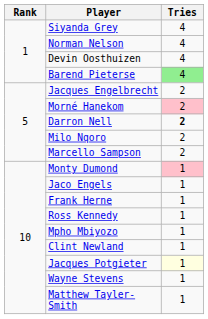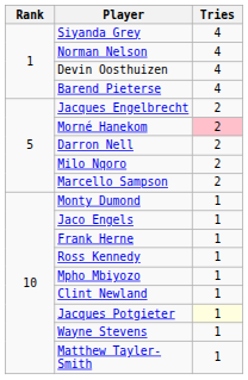 <table class="wikitable"  style="text-align: center;">
 <tr>
 <th style="width:50px;">Rank</th>
 <th style="width:150px;">Player</th>
 <th style="width:50px;">Tries</th>
 </tr>
 <tr>
 <td rowspan=4>1</td>
 <td align=left><a href='#'>Siyanda Grey</a></td>
 <td>4</td>
 </tr>
 <tr>
 <td style="text-align:left;"><a href='#'>Norman Nelson</a></td>
 <td>4</td>
 </tr>
 <tr>
 <td style="text-align:left;">Devin Oosthuizen</td>
 <td>4</td>
 </tr>
 <tr>
 <td style="text-align:left;"><a href='#'>Barend Pieterse</a></td>
-<td style="background: lightgreen;">4</td>
+<td>4</td>
 </tr>
 <tr>
 <td rowspan=5>5</td>
 <td align=left><a href='#'>Jacques Engelbrecht</a></td>
 <td>2</td>
 </tr>
 <tr>
 <td style="text-align:left;"><a href='#'>Morné Hanekom</a></td>
 <td style="background: pink;">2</td>
 </tr>
 <tr>
 <td style="text-align:left;"><a href='#'>Darron Nell</a></td>
-<td><strong>2</strong></td>
+<td>2</td>
 </tr>
 <tr>
 <td style="text-align:left;"><a href='#'>Milo Nqoro</a></td>
 <td>2</td>
 </tr>
 <tr>
 <td style="text-align:left;"><a href='#'>Marcello Sampson</a></td>
 <td>2</td>
 </tr>
 <tr>
 <td rowspan=9>10</td>
 <td align=left><a href='#'>Monty Dumond</a></td>
-<td style="background: pink;">1</td>
+<td>1</td>
 </tr>
 <tr>
 <td style="text-align:left;"><a href='#'>Jaco Engels</a></td>
 <td>1</td>
 </tr>
 <tr>
 <td style="text-align:left;"><a href='#'>Frank Herne</a></td>
 <td>1</td>
 </tr>
 <tr>
 <td style="text-align:left;"><a href='#'>Ross Kennedy</a></td>
 <td>1</td>
 </tr>
 <tr>
 <td style="text-align:left;"><a href='#'>Mpho Mbiyozo</a></td>
 <td>1</td>
 </tr>
 <tr>
 <td style="text-align:left;"><a href='#'>Clint Newland</a></td>
 <td>1</td>
 </tr>
 <tr>
 <td style="text-align:left;"><a href='#'>Jacques Potgieter</a></td>
 <td style="background: lightyellow;">1</td>
 </tr>
 <tr>
 <td style="text-align:left;"><a href='#'>Wayne Stevens</a></td>
 <td>1</td>
 </tr>
 <tr>
 <td style="text-align:left;"><a href='#'>Matthew Tayler-Smith</a></td>
 <td>1</td>
 </tr>
 </table>
